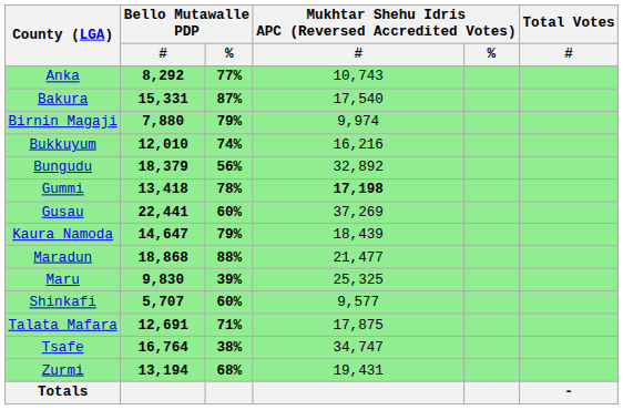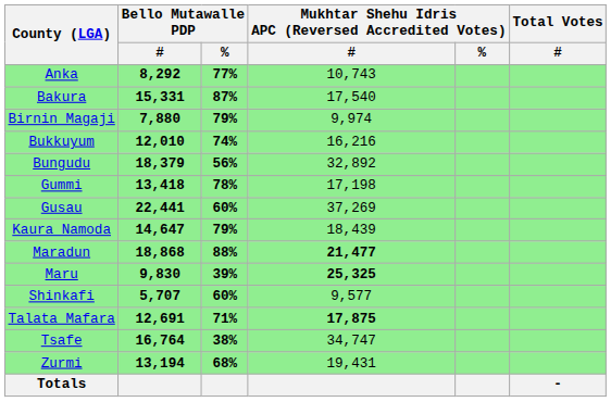 <table class="wikitable sortable" style=" font-size: 95%">
 <tr>
 <th rowspan="2">County (<a href='#'>LGA</a>)</th>
 <th colspan="2">Bello Mutawalle<br>PDP</th>
 <th colspan="2">Mukhtar Shehu Idris<br>APC (Reversed Accredited Votes)</th>
 <th>Total Votes</th>
 </tr>
 <tr>
 <th>#</th>
 <th>%</th>
 <th>#</th>
 <th>%</th>
 <th>#</th>
 </tr>
 <tr>
 <td bgcolor=#90EE90 align="center"><a href='#'>Anka</a></td>
 <td bgcolor=#90EE90 align="center"><strong>8,292</strong></td>
 <td bgcolor=#90EE90 align="center"><strong>77%</strong></td>
 <td bgcolor=#90EE90 align="center">10,743</td>
 <td bgcolor=#90EE90 align="center"></td>
 <td bgcolor=#90EE90 align="center"></td>
 </tr>
 <tr>
 <td bgcolor=#90EE90 align="center"><a href='#'>Bakura</a></td>
 <td bgcolor=#90EE90 align="center"><strong>15,331</strong></td>
 <td bgcolor=#90EE90 align="center"><strong>87%</strong></td>
 <td bgcolor=#90EE90 align="center">17,540</td>
 <td bgcolor=#90EE90 align="center"></td>
 <td bgcolor=#90EE90 align="center"></td>
 </tr>
 <tr>
 <td bgcolor=#90EE90 align="center"><a href='#'>Birnin Magaji</a></td>
 <td bgcolor=#90EE90 align="center"><strong>7,880</strong></td>
 <td bgcolor=#90EE90 align="center"><strong>79%</strong></td>
 <td bgcolor=#90EE90 align="center">9,974</td>
 <td bgcolor=#90EE90 align="center"></td>
 <td bgcolor=#90EE90 align="center"></td>
 </tr>
 <tr>
 <td bgcolor=#90EE90 align="center"><a href='#'>Bukkuyum</a></td>
 <td bgcolor=#90EE90 align="center"><strong>12,010</strong></td>
 <td bgcolor=#90EE90 align="center"><strong>74%</strong></td>
 <td bgcolor=#90EE90 align="center">16,216</td>
 <td bgcolor=#90EE90 align="center"></td>
 <td bgcolor=#90EE90 align="center"></td>
 </tr>
 <tr>
 <td bgcolor=#90EE90 align="center"><a href='#'>Bungudu</a></td>
 <td bgcolor=#90EE90 align="center"><strong>18,379</strong></td>
 <td bgcolor=#90EE90 align="center"><strong>56%</strong></td>
 <td bgcolor=#90EE90 align="center">32,892</td>
 <td bgcolor=#90EE90 align="center"></td>
 <td bgcolor=#90EE90 align="center"></td>
 </tr>
 <tr>
 <td bgcolor=#90EE90 align="center"><a href='#'>Gummi</a></td>
 <td bgcolor=#90EE90 align="center"><strong>13,418</strong></td>
 <td bgcolor=#90EE90 align="center"><strong>78%</strong></td>
-<td bgcolor=#90EE90 align="center"><strong>17,198</strong></td>
+<td bgcolor=#90EE90 align="center">17,198</td>
 <td bgcolor=#90EE90 align="center"></td>
 <td bgcolor=#90EE90 align="center"></td>
 </tr>
 <tr>
 <td bgcolor=#90EE90 align="center"><a href='#'>Gusau</a></td>
 <td bgcolor=#90EE90 align="center"><strong>22,441</strong></td>
 <td bgcolor=#90EE90 align="center"><strong>60%</strong></td>
 <td bgcolor=#90EE90 align="center">37,269</td>
 <td bgcolor=#90EE90 align="center"></td>
 <td bgcolor=#90EE90 align="center"></td>
 </tr>
 <tr>
 <td bgcolor=#90EE90 align="center"><a href='#'>Kaura Namoda</a></td>
 <td bgcolor=#90EE90 align="center"><strong>14,647</strong></td>
 <td bgcolor=#90EE90 align="center"><strong>79%</strong></td>
 <td bgcolor=#90EE90 align="center">18,439</td>
 <td bgcolor=#90EE90 align="center"></td>
 <td bgcolor=#90EE90 align="center"></td>
 </tr>
 <tr>
 <td bgcolor=#90EE90 align="center"><a href='#'>Maradun</a></td>
 <td bgcolor=#90EE90 align="center"><strong>18,868</strong></td>
 <td bgcolor=#90EE90 align="center"><strong>88%</strong></td>
-<td bgcolor=#90EE90 align="center">21,477</td>
+<td bgcolor=#90EE90 align="center"><strong>21,477</strong></td>
 <td bgcolor=#90EE90 align="center"></td>
 <td bgcolor=#90EE90 align="center"></td>
 </tr>
 <tr>
 <td bgcolor=#90EE90 align="center"><a href='#'>Maru</a></td>
 <td bgcolor=#90EE90 align="center"><strong>9,830</strong></td>
 <td bgcolor=#90EE90 align="center"><strong>39%</strong></td>
-<td bgcolor=#90EE90 align="center">25,325</td>
+<td bgcolor=#90EE90 align="center"><strong>25,325</strong></td>
 <td bgcolor=#90EE90 align="center"></td>
 <td bgcolor=#90EE90 align="center"></td>
 </tr>
 <tr>
 <td bgcolor=#90EE90 align="center"><a href='#'>Shinkafi</a></td>
 <td bgcolor=#90EE90 align="center"><strong>5,707</strong></td>
 <td bgcolor=#90EE90 align="center"><strong>60%</strong></td>
 <td bgcolor=#90EE90 align="center">9,577</td>
 <td bgcolor=#90EE90 align="center"></td>
 <td bgcolor=#90EE90 align="center"></td>
 </tr>
 <tr>
 <td bgcolor=#90EE90 align="center"><a href='#'>Talata Mafara</a></td>
 <td bgcolor=#90EE90 align="center"><strong>12,691</strong></td>
 <td bgcolor=#90EE90 align="center"><strong>71%</strong></td>
-<td bgcolor=#90EE90 align="center">17,875</td>
+<td bgcolor=#90EE90 align="center"><strong>17,875</strong></td>
 <td bgcolor=#90EE90 align="center"></td>
 <td bgcolor=#90EE90 align="center"></td>
 </tr>
 <tr>
 <td bgcolor=#90EE90 align="center"><a href='#'>Tsafe</a></td>
 <td bgcolor=#90EE90 align="center"><strong>16,764</strong></td>
 <td bgcolor=#90EE90 align="center"><strong>38%</strong></td>
 <td bgcolor=#90EE90 align="center">34,747</td>
 <td bgcolor=#90EE90 align="center"></td>
 <td bgcolor=#90EE90 align="center"></td>
 </tr>
 <tr>
 <td bgcolor=#90EE90 align="center"><a href='#'>Zurmi</a></td>
 <td bgcolor=#90EE90 align="center"><strong>13,194</strong></td>
 <td bgcolor=#90EE90 align="center"><strong>68%</strong></td>
 <td bgcolor=#90EE90 align="center">19,431</td>
 <td bgcolor=#90EE90 align="center"></td>
 <td bgcolor=#90EE90 align="center"></td>
 </tr>
 <tr>
 <th>Totals</th>
 <th></th>
 <th></th>
 <th></th>
 <th></th>
 <th>-</th>
 </tr>
 </table>
